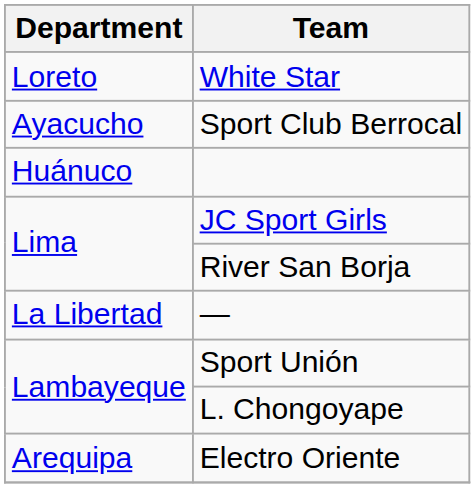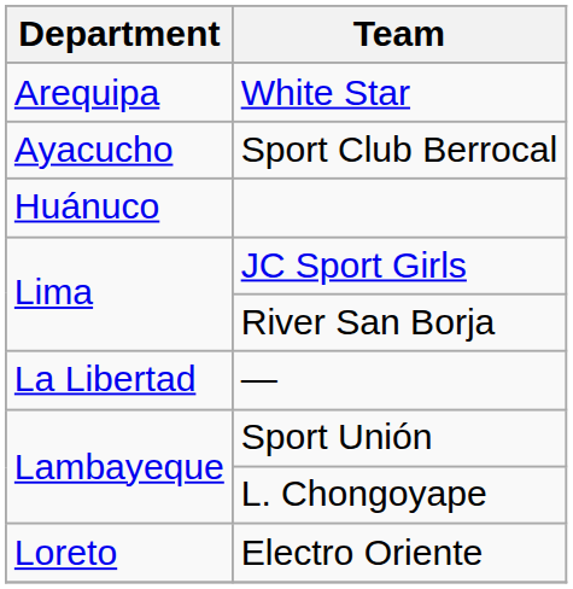 <table class="wikitable">
 <tr>
 <th>Department</th>
 <th>Team</th>
 </tr>
 <tr>
-<td><a href='#'>Loreto</a></td>
+<td><a href='#'>Arequipa</a></td>
 <td><a href='#'>White Star</a></td>
 </tr>
 <tr>
 <td><a href='#'>Ayacucho</a></td>
 <td>Sport Club Berrocal</td>
 </tr>
 <tr>
 <td><a href='#'>Huánuco</a></td>
 <td></td>
 </tr>
 <tr>
 <td rowspan="2"><a href='#'>Lima</a></td>
 <td><a href='#'>JC Sport Girls</a></td>
 </tr>
 <tr>
 <td>River San Borja</td>
 </tr>
 <tr>
 <td><a href='#'>La Libertad</a></td>
 <td>—</td>
 </tr>
 <tr>
 <td rowspan="2"><a href='#'>Lambayeque</a></td>
 <td>Sport Unión</td>
 </tr>
 <tr>
 <td>L. Chongoyape</td>
 </tr>
 <tr>
-<td><a href='#'>Arequipa</a></td>
+<td><a href='#'>Loreto</a></td>
 <td>Electro Oriente</td>
 </tr>
 <tr>
 </tr>
 </table>
